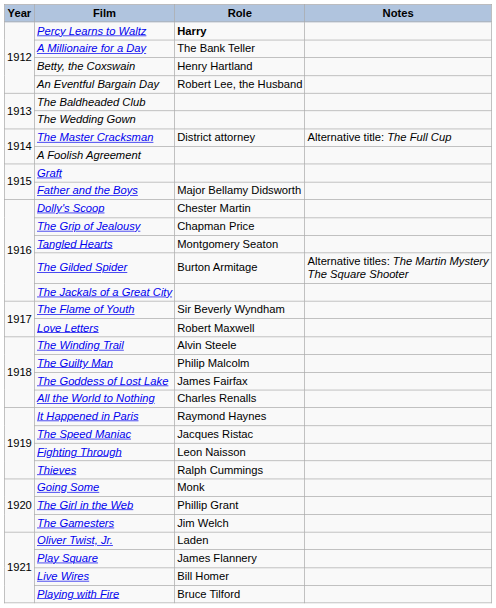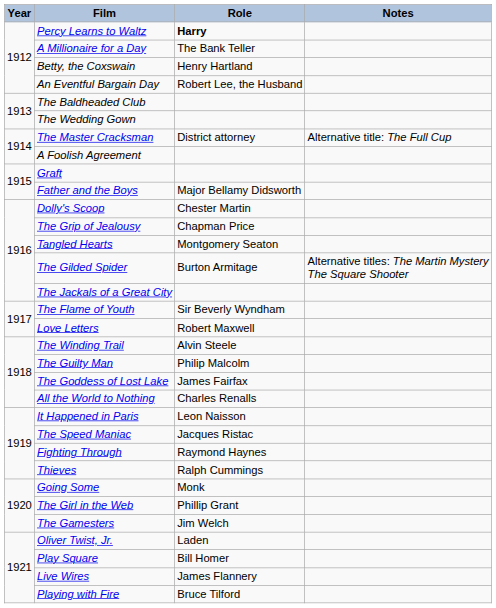 <table class="wikitable">
 <tr>
 <th style="background:#B0C4DE;">Year</th>
 <th style="background:#B0C4DE;">Film</th>
 <th style="background:#B0C4DE;">Role</th>
 <th style="background:#B0C4DE;">Notes</th>
 </tr>
 <tr>
 <td rowspan=4>1912</td>
 <td><em><a href='#'>Percy Learns to Waltz</a></em></td>
 <td><strong>Harry</strong></td>
 <td></td>
 </tr>
 <tr>
 <td><em><a href='#'>A Millionaire for a Day</a></em></td>
 <td>The Bank Teller</td>
 <td></td>
 </tr>
 <tr>
 <td><em>Betty, the Coxswain</em></td>
 <td>Henry Hartland</td>
 <td></td>
 </tr>
 <tr>
 <td><em>An Eventful Bargain Day</em></td>
 <td>Robert Lee, the Husband</td>
 <td></td>
 </tr>
 <tr>
 <td rowspan=2>1913</td>
 <td><em>The Baldheaded Club</em></td>
 <td></td>
 <td></td>
 </tr>
 <tr>
 <td><em>The Wedding Gown</em></td>
 <td></td>
 <td></td>
 </tr>
 <tr>
 <td rowspan=2>1914</td>
 <td><em><a href='#'>The Master Cracksman</a></em></td>
 <td>District attorney</td>
 <td>Alternative title: <em>The Full Cup</em></td>
 </tr>
 <tr>
 <td><em>A Foolish Agreement</em></td>
 <td></td>
 <td></td>
 </tr>
 <tr>
 <td rowspan=2>1915</td>
 <td><em><a href='#'>Graft</a></em></td>
 <td></td>
 <td></td>
 </tr>
 <tr>
 <td><em><a href='#'>Father and the Boys</a></em></td>
 <td>Major Bellamy Didsworth</td>
 <td></td>
 </tr>
 <tr>
 <td rowspan=5>1916</td>
 <td><em><a href='#'>Dolly's Scoop</a></em></td>
 <td>Chester Martin</td>
 <td></td>
 </tr>
 <tr>
 <td><em><a href='#'>The Grip of Jealousy</a></em></td>
 <td>Chapman Price</td>
 <td></td>
 </tr>
 <tr>
 <td><em><a href='#'>Tangled Hearts</a></em></td>
 <td>Montgomery Seaton</td>
 <td></td>
 </tr>
 <tr>
 <td><em><a href='#'>The Gilded Spider</a></em></td>
 <td>Burton Armitage</td>
 <td>Alternative titles: <em>The Martin Mystery</em><br><em>The Square Shooter</em></td>
 </tr>
 <tr>
 <td><em><a href='#'>The Jackals of a Great City</a></em></td>
 <td></td>
 <td></td>
 </tr>
 <tr>
 <td rowspan=2>1917</td>
 <td><em><a href='#'>The Flame of Youth</a></em></td>
 <td>Sir Beverly Wyndham</td>
 <td></td>
 </tr>
 <tr>
 <td><em><a href='#'>Love Letters</a></em></td>
 <td>Robert Maxwell</td>
 <td></td>
 </tr>
 <tr>
 <td rowspan=4>1918</td>
 <td><em><a href='#'>The Winding Trail</a></em></td>
 <td>Alvin Steele</td>
 <td></td>
 </tr>
 <tr>
 <td><em><a href='#'>The Guilty Man</a></em></td>
 <td>Philip Malcolm</td>
 <td></td>
 </tr>
 <tr>
 <td><em><a href='#'>The Goddess of Lost Lake</a></em></td>
 <td>James Fairfax</td>
 <td></td>
 </tr>
 <tr>
 <td><em><a href='#'>All the World to Nothing</a></em></td>
 <td>Charles Renalls</td>
 <td></td>
 </tr>
 <tr>
 <td rowspan=4>1919</td>
 <td><em><a href='#'>It Happened in Paris</a></em></td>
-<td>Raymond Haynes</td>
+<td>Leon Naisson</td>
 <td></td>
 </tr>
 <tr>
 <td><em><a href='#'>The Speed Maniac</a></em></td>
 <td>Jacques Ristac</td>
 <td></td>
 </tr>
 <tr>
 <td><em><a href='#'>Fighting Through</a></em></td>
-<td>Leon Naisson</td>
+<td>Raymond Haynes</td>
 <td></td>
 </tr>
 <tr>
 <td><em><a href='#'>Thieves</a></em></td>
 <td>Ralph Cummings</td>
 <td></td>
 </tr>
 <tr>
 <td rowspan=3>1920</td>
 <td><em><a href='#'>Going Some</a></em></td>
 <td>Monk</td>
 <td></td>
 </tr>
 <tr>
 <td><em><a href='#'>The Girl in the Web</a></em></td>
 <td>Phillip Grant</td>
 <td></td>
 </tr>
 <tr>
 <td><em><a href='#'>The Gamesters</a></em></td>
 <td>Jim Welch</td>
 <td></td>
 </tr>
 <tr>
 <td rowspan=4>1921</td>
 <td><em><a href='#'>Oliver Twist, Jr.</a></em></td>
 <td>Laden</td>
 <td></td>
 </tr>
 <tr>
 <td><em><a href='#'>Play Square</a></em></td>
-<td>James Flannery</td>
+<td>Bill Homer</td>
 <td></td>
 </tr>
 <tr>
 <td><em><a href='#'>Live Wires</a></em></td>
-<td>Bill Homer</td>
+<td>James Flannery</td>
 <td></td>
 </tr>
 <tr>
 <td><em><a href='#'>Playing with Fire</a></em></td>
 <td>Bruce Tilford</td>
 <td></td>
 </tr>
 </table>
